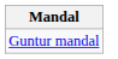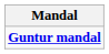 <table class="wikitable sortable static-row-numbers static-row-header-hash">
 <tr>
 <th>Mandal</th>
 </tr>
 <tr>
-<td><a href='#'>Guntur mandal</a></td>
+<td><strong><a href='#'>Guntur mandal</a></strong></td>
 </tr>
 </table>
